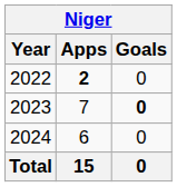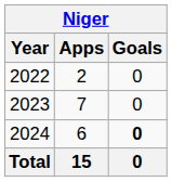 <table class=wikitable style=text-align:center>
 <tr>
 <th colspan=4><a href='#'>Niger</a></th>
 </tr>
 <tr>
 <th>Year</th>
 <th>Apps</th>
 <th>Goals</th>
 </tr>
 <tr>
 <td>2022</td>
-<td><strong>2</strong></td>
+<td>2</td>
 <td>0</td>
 </tr>
 <tr>
 <td>2023</td>
 <td>7</td>
-<td><strong>0</strong></td>
+<td>0</td>
 </tr>
 <tr>
 <td>2024</td>
 <td>6</td>
-<td>0</td>
+<td><strong>0</strong></td>
 </tr>
 <tr>
 <th colspan=1>Total</th>
 <th>15</th>
 <th>0</th>
 </tr>
 </table>
